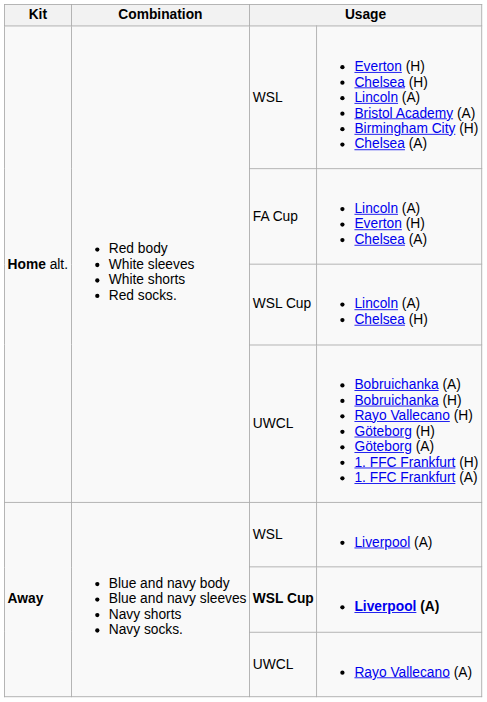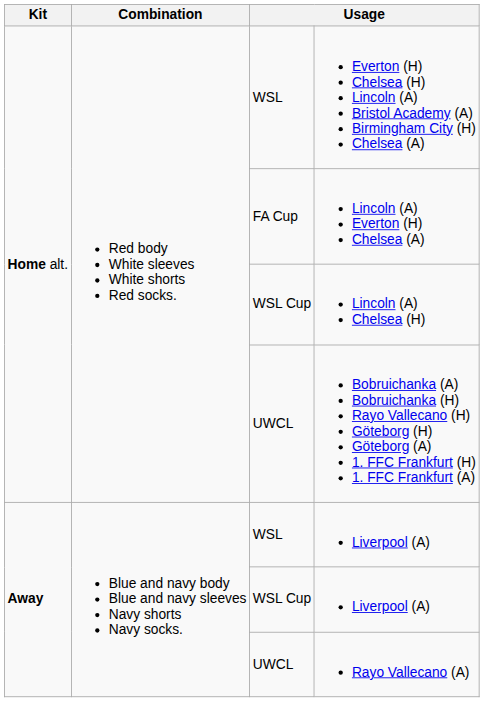 <table class="wikitable">
 <tr>
 <th>Kit</th>
 <th>Combination</th>
 <th colspan="2">Usage</th>
 </tr>
 <tr>
 <td rowspan="4"><strong>Home</strong> alt.</td>
 <td rowspan="4"><br><ul><li>Red body</li><li>White sleeves</li><li>White shorts</li><li>Red socks.</li></ul></td>
 <td>WSL</td>
 <td><br><ul><li><a href='#'>Everton</a> (H)</li><li><a href='#'>Chelsea</a> (H)</li><li><a href='#'>Lincoln</a> (A)</li><li><a href='#'>Bristol Academy</a> (A)</li><li><a href='#'>Birmingham City</a> (H)</li><li><a href='#'>Chelsea</a> (A)</li></ul></td>
 </tr>
 <tr>
 <td>FA Cup</td>
 <td><br><ul><li><a href='#'>Lincoln</a> (A)</li><li><a href='#'>Everton</a> (H)</li><li><a href='#'>Chelsea</a> (A)</li></ul></td>
 </tr>
 <tr>
 <td>WSL Cup</td>
 <td><br><ul><li><a href='#'>Lincoln</a> (A)</li><li><a href='#'>Chelsea</a> (H)</li></ul></td>
 </tr>
 <tr>
 <td>UWCL</td>
 <td><br><ul><li><a href='#'>Bobruichanka</a> (A)</li><li><a href='#'>Bobruichanka</a> (H)</li><li><a href='#'>Rayo Vallecano</a> (H)</li><li><a href='#'>Göteborg</a> (H)</li><li><a href='#'>Göteborg</a> (A)</li><li><a href='#'>1. FFC Frankfurt</a> (H)</li><li><a href='#'>1. FFC Frankfurt</a> (A)</li></ul></td>
 </tr>
 <tr>
 <td rowspan="3"><strong>Away</strong></td>
 <td rowspan="3"><br><ul><li>Blue and navy body</li><li>Blue and navy sleeves</li><li>Navy shorts</li><li>Navy socks.</li></ul></td>
 <td>WSL</td>
 <td><br><ul><li><a href='#'>Liverpool</a> (A)</li></ul></td>
 </tr>
 <tr>
-<td><strong>WSL Cup</strong></td>
-<td><strong><br><ul><li><a href='#'>Liverpool</a> (A)</li></ul></strong></td>
+<td>WSL Cup</td>
+<td><br><ul><li><a href='#'>Liverpool</a> (A)</li></ul></td>
 </tr>
 <tr>
 <td>UWCL</td>
 <td><br><ul><li><a href='#'>Rayo Vallecano</a> (A)</li></ul></td>
 </tr>
 </table>
